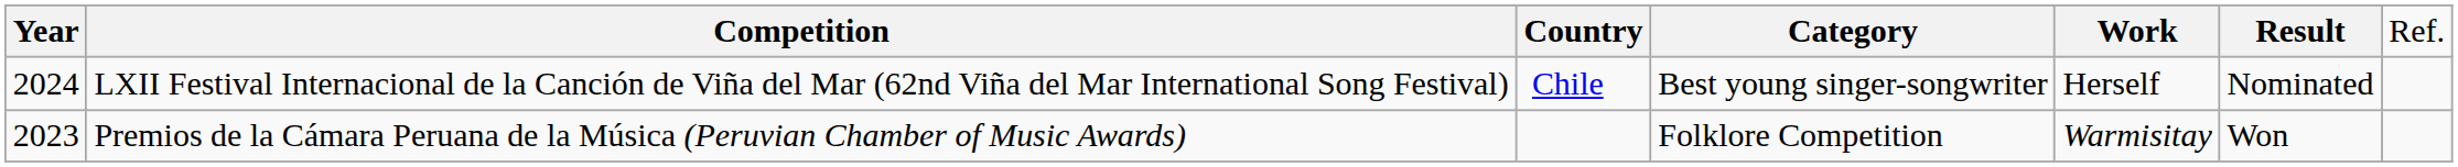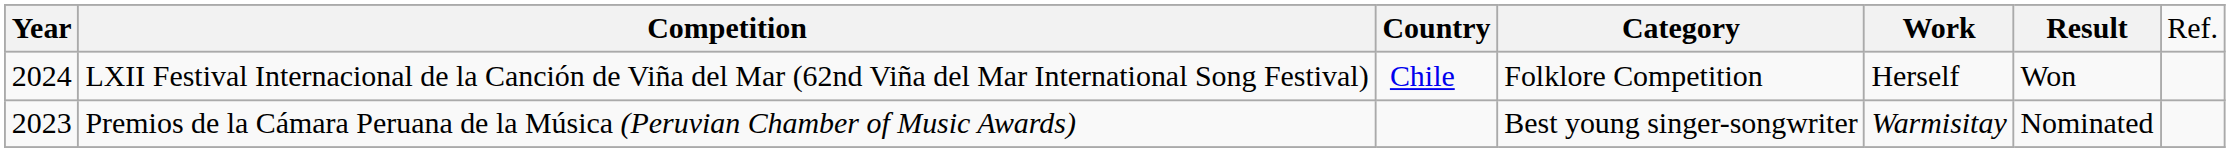 <table class="wikitable">
 <tr>
 <th>Year</th>
 <th>Competition</th>
 <th>Country</th>
 <th>Category</th>
 <th>Work</th>
 <th>Result</th>
 <td>Ref.</td>
 </tr>
 <tr>
 <td>2024</td>
 <td>LXII Festival Internacional de la Canción de Viña del Mar (62nd  Viña del Mar International Song Festival)</td>
 <td> <a href='#'>Chile</a></td>
-<td>Best young singer-songwriter</td>
+<td>Folklore Competition</td>
 <td>Herself</td>
-<td>Nominated</td>
+<td>Won</td>
 <td></td>
 </tr>
 <tr>
 <td>2023</td>
 <td>Premios de la Cámara Peruana de la Música <em>(Peruvian Chamber of Music Awards)</em></td>
 <td></td>
-<td>Folklore Competition</td>
+<td>Best young singer-songwriter</td>
 <td><em>Warmisitay</em></td>
-<td>Won</td>
+<td>Nominated</td>
 <td></td>
 </tr>
 </table>
